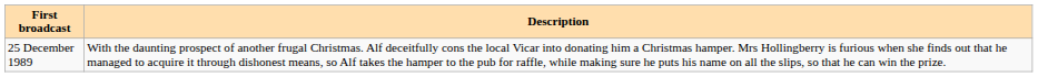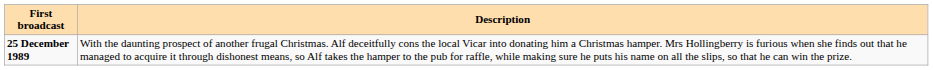 <table class="wikitable" border="1" style="font-size: 94%">
 <tr>
 <th style="background:#ffdead">First broadcast</th>
 <th style="background:#ffdead">Description</th>
 </tr>
 <tr>
-<td>25 December 1989</td>
+<td><strong>25 December 1989</strong></td>
 <td>With the daunting prospect of another frugal Christmas. Alf deceitfully cons the local Vicar into donating him a Christmas hamper. Mrs Hollingberry is furious when she finds out that he managed to acquire it through dishonest means, so Alf takes the hamper to the pub for raffle, while making sure he puts his name on all the slips, so that he can win the prize.</td>
 </tr>
 </table>
